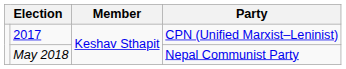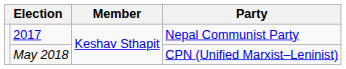 <table class="wikitable">
 <tr>
 <th colspan="2">Election</th>
 <th>Member</th>
 <th>Party</th>
 </tr>
 <tr>
 <td rowspan="2" style="background-color:"></td>
 <td><a href='#'>2017</a></td>
 <td rowspan="2"><a href='#'>Keshav Sthapit</a></td>
-<td><a href='#'>CPN (Unified Marxist–Leninist)</a></td>
+<td><a href='#'>Nepal Communist Party</a></td>
 </tr>
 <tr>
 <td><em>May 2018</em></td>
-<td><a href='#'>Nepal Communist Party</a></td>
+<td><a href='#'>CPN (Unified Marxist–Leninist)</a></td>
 </tr>
 </table>
